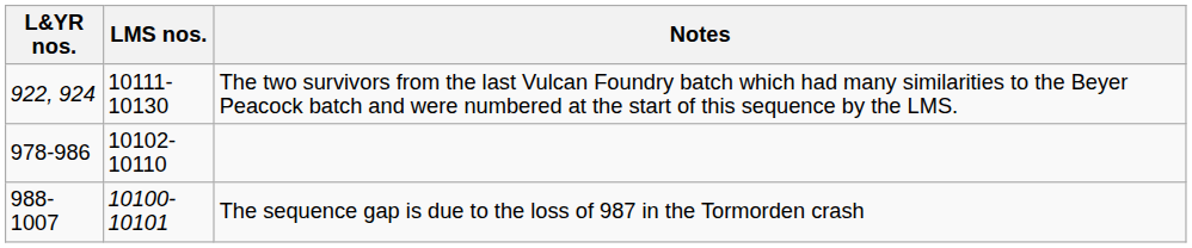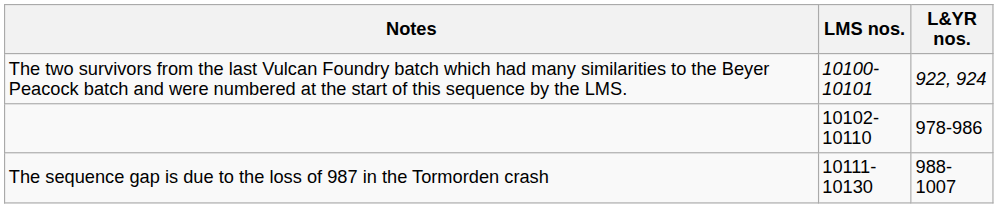 <table class="wikitable">
 <tr>
+<th>Notes</th>
+<th>LMS nos.</th>
 <th>L&YR nos.</th>
-<th>LMS nos.</th>
-<th>Notes</th>
 </tr>
 <tr>
+<td>The two survivors from the last Vulcan Foundry batch which had many similarities to the Beyer Peacock batch and were numbered at the start of this sequence by the LMS.</td>
+<td><em>10100-10101</em></td>
 <td><em>922, 924</em></td>
-<td>10111-10130</td>
-<td>The two survivors from the last Vulcan Foundry batch which had many similarities to the Beyer Peacock batch and were numbered at the start of this sequence by the LMS.</td>
 </tr>
 <tr>
+<td></td>
+<td>10102-10110</td>
 <td>978-986</td>
-<td>10102-10110</td>
-<td></td>
 </tr>
 <tr>
+<td>The sequence gap is due to the loss of 987 in the Tormorden crash</td>
+<td>10111-10130</td>
 <td>988-1007</td>
-<td><em>10100-10101</em></td>
-<td>The sequence gap is due to the loss of 987 in the Tormorden crash</td>
 </tr>
 </table>
